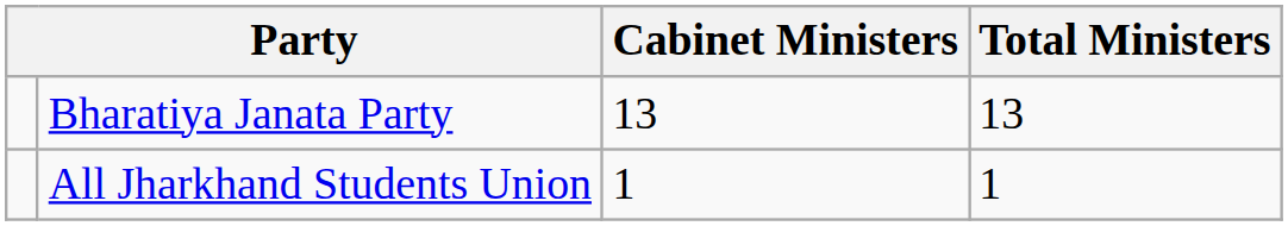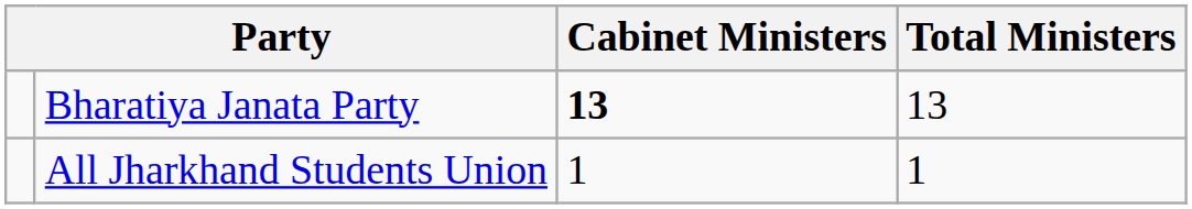 <table class="wikitable">
 <tr>
 <th colspan="2">Party</th>
 <th>Cabinet Ministers</th>
 <th>Total Ministers</th>
 </tr>
 <tr>
 <td width="4px"></td>
 <td><a href='#'>Bharatiya Janata Party</a></td>
-<td>13</td>
+<td><strong>13</strong></td>
 <td>13</td>
 </tr>
 <tr>
 <td width="4px"></td>
 <td><a href='#'>All Jharkhand Students Union</a></td>
 <td>1</td>
 <td>1</td>
 </tr>
 </table>
